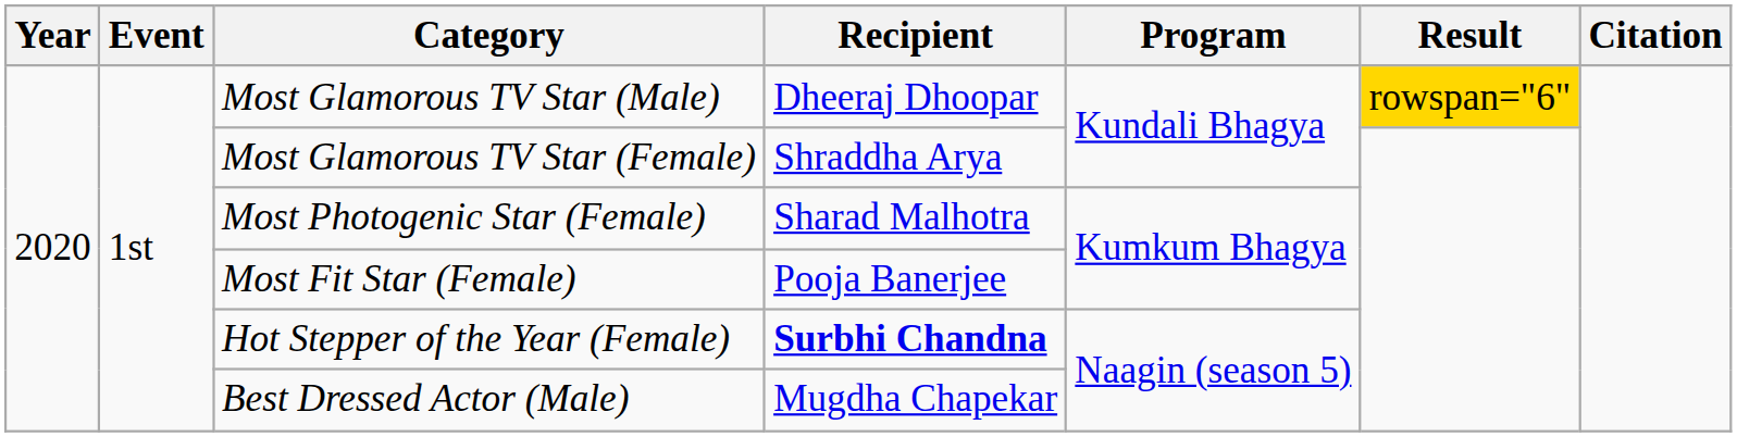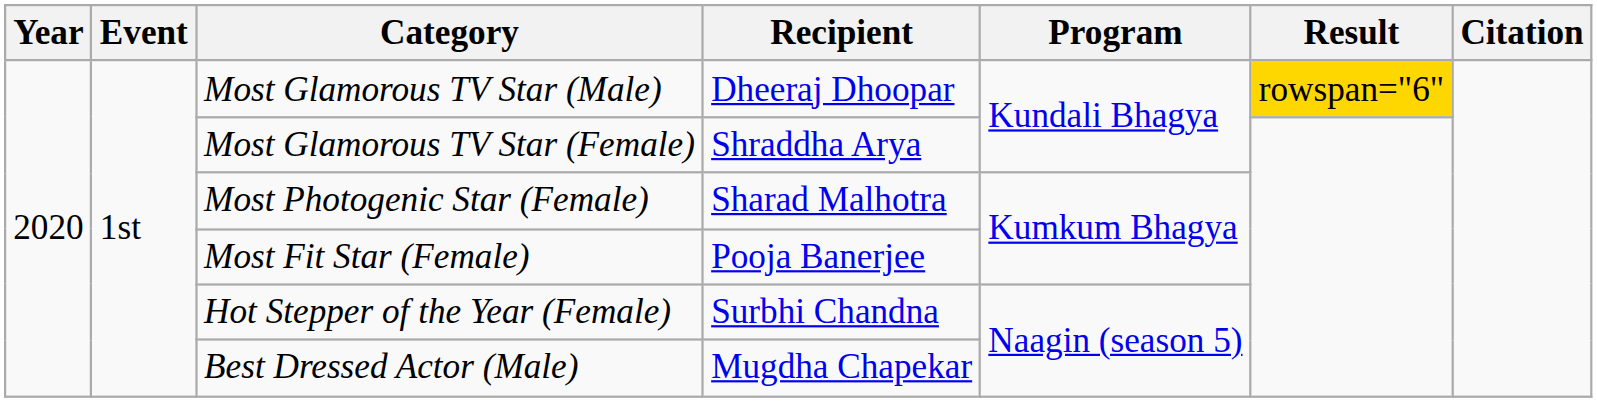 <table class="wikitable">
 <tr>
 <th>Year</th>
 <th>Event</th>
 <th>Category</th>
 <th>Recipient</th>
 <th>Program</th>
 <th>Result</th>
 <th>Citation</th>
 </tr>
 <tr>
 <td rowspan="6">2020</td>
 <td rowspan="6">1st</td>
 <td><em>Most Glamorous TV Star (Male)</em></td>
 <td><a href='#'>Dheeraj Dhoopar</a></td>
 <td rowspan="2"><a href='#'>Kundali Bhagya</a></td>
 <td style="background: gold;">rowspan="6" </td>
 <td rowspan="6"></td>
 </tr>
 <tr>
 <td><em>Most Glamorous TV Star (Female)</em></td>
 <td><a href='#'>Shraddha Arya</a></td>
 </tr>
 <tr>
 <td><em>Most Photogenic Star (Female)</em></td>
 <td><a href='#'>Sharad Malhotra</a></td>
 <td rowspan="2"><a href='#'>Kumkum Bhagya</a></td>
 </tr>
 <tr>
 <td><em>Most Fit Star (Female)</em></td>
 <td><a href='#'>Pooja Banerjee</a></td>
 </tr>
 <tr>
 <td><em>Hot Stepper of the Year (Female)</em></td>
-<td><strong><a href='#'>Surbhi Chandna</a></strong></td>
+<td><a href='#'>Surbhi Chandna</a></td>
 <td rowspan="2"><a href='#'>Naagin (season 5)</a></td>
 </tr>
 <tr>
 <td><em>Best Dressed Actor (Male)</em></td>
 <td><a href='#'>Mugdha Chapekar</a></td>
 </tr>
 </table>
